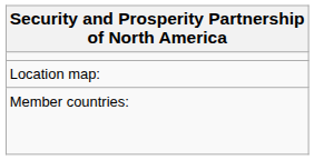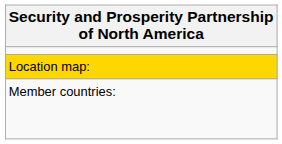 <table class="wikitable" align="right" style="max-width: 20em;">
 <tr>
 <th>Security and Prosperity Partnership<br>of North America</th>
 </tr>
 <tr>
 <td></td>
 </tr>
 <tr>
-<td><small>Location map:</small><br></td>
+<td style="background: gold;"><small>Location map:</small><br></td>
 </tr>
 <tr>
 <td><small>Member countries:</small><br><br><br></td>
 </tr>
 </table>
